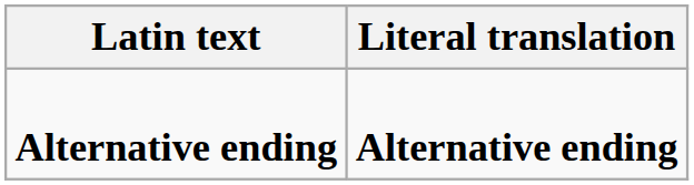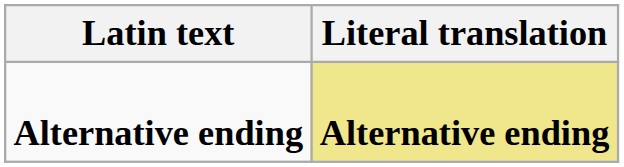 <table class=wikitable>
 <tr>
 <th>Latin text</th>
 <th>Literal translation</th>
 </tr>
 <tr>
 <td><br><strong>Alternative ending</strong></td>
-<td><br><strong>Alternative ending</strong></td>
+<td style="background: khaki;"><br><strong>Alternative ending</strong></td>
 </tr>
 </table>
